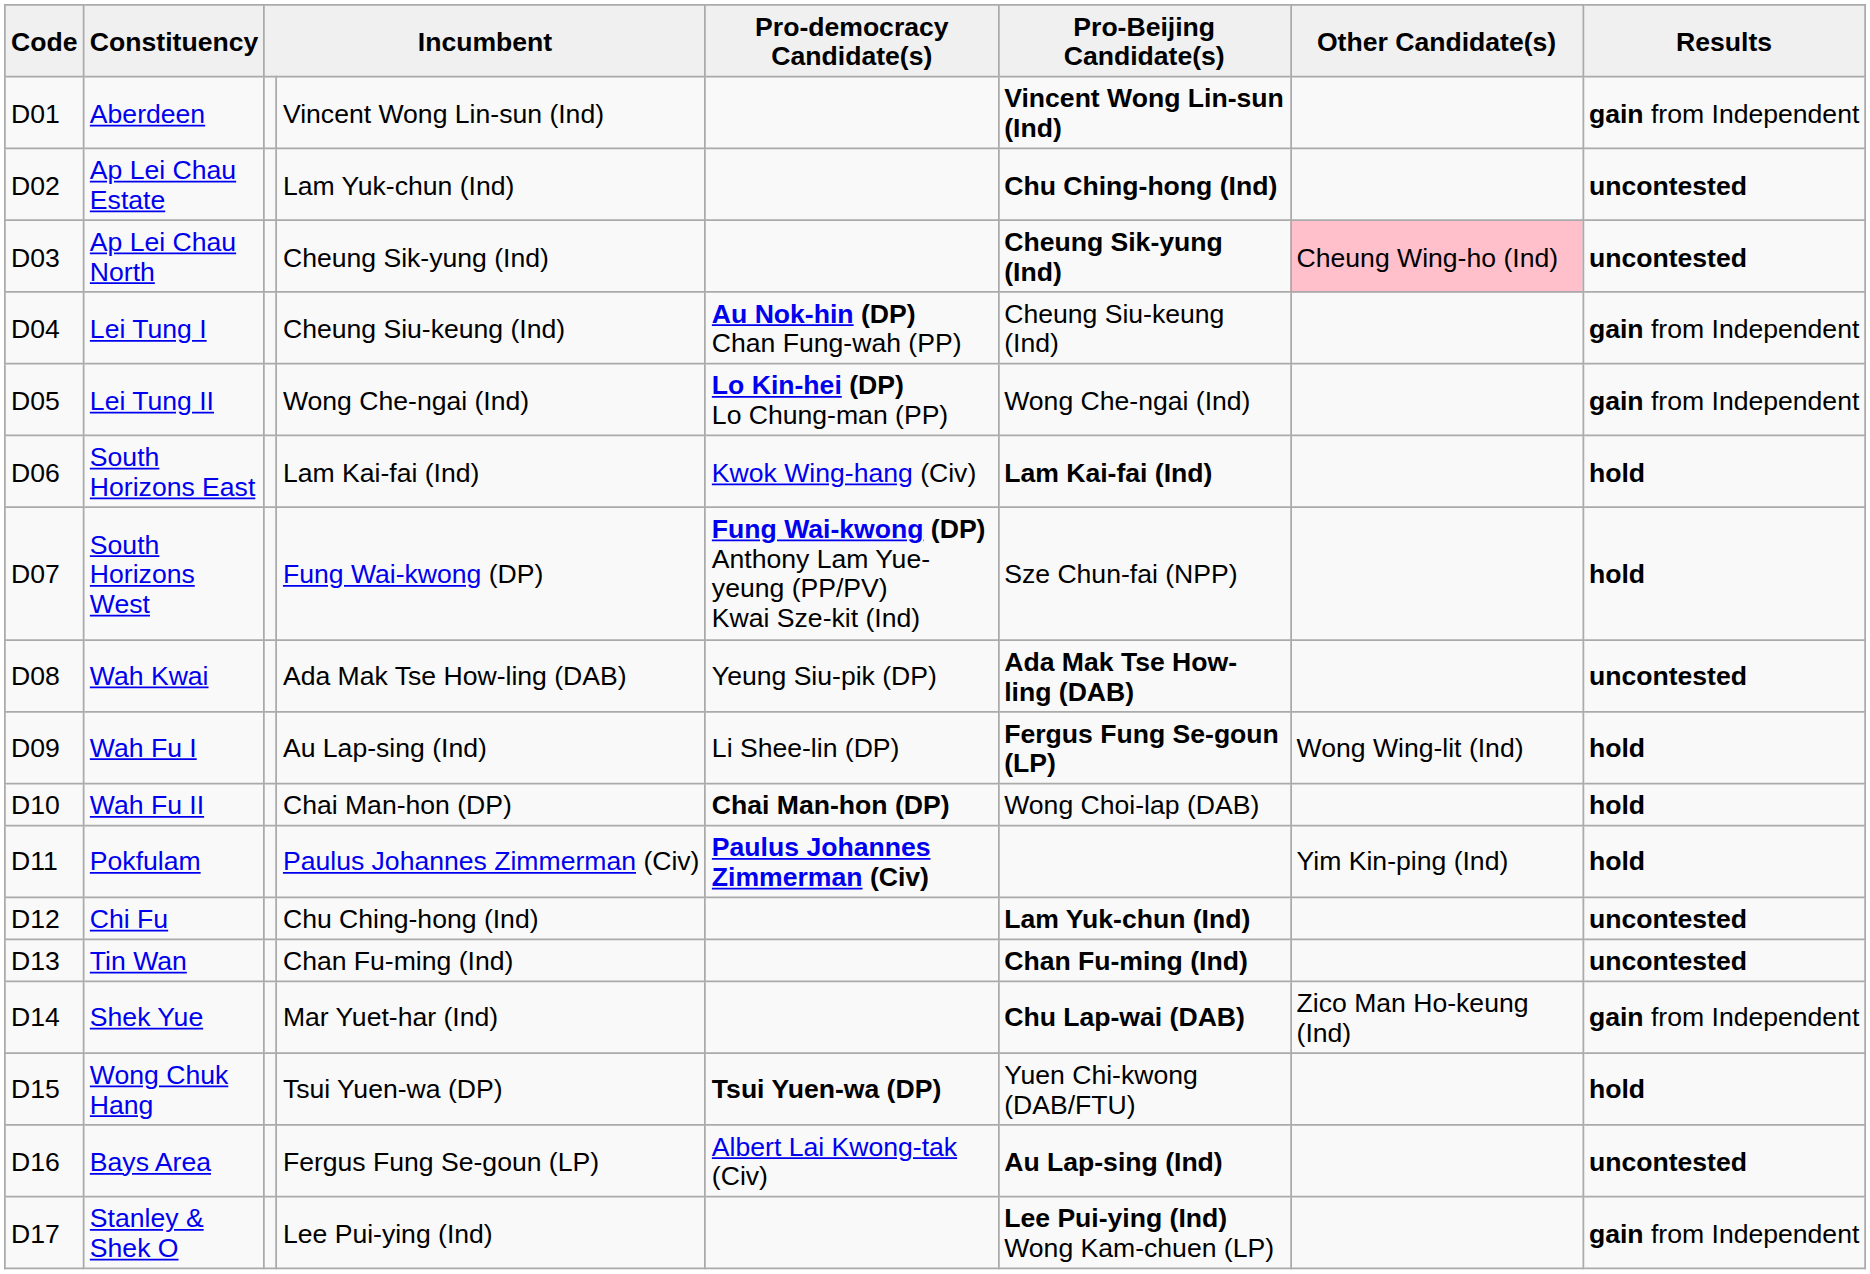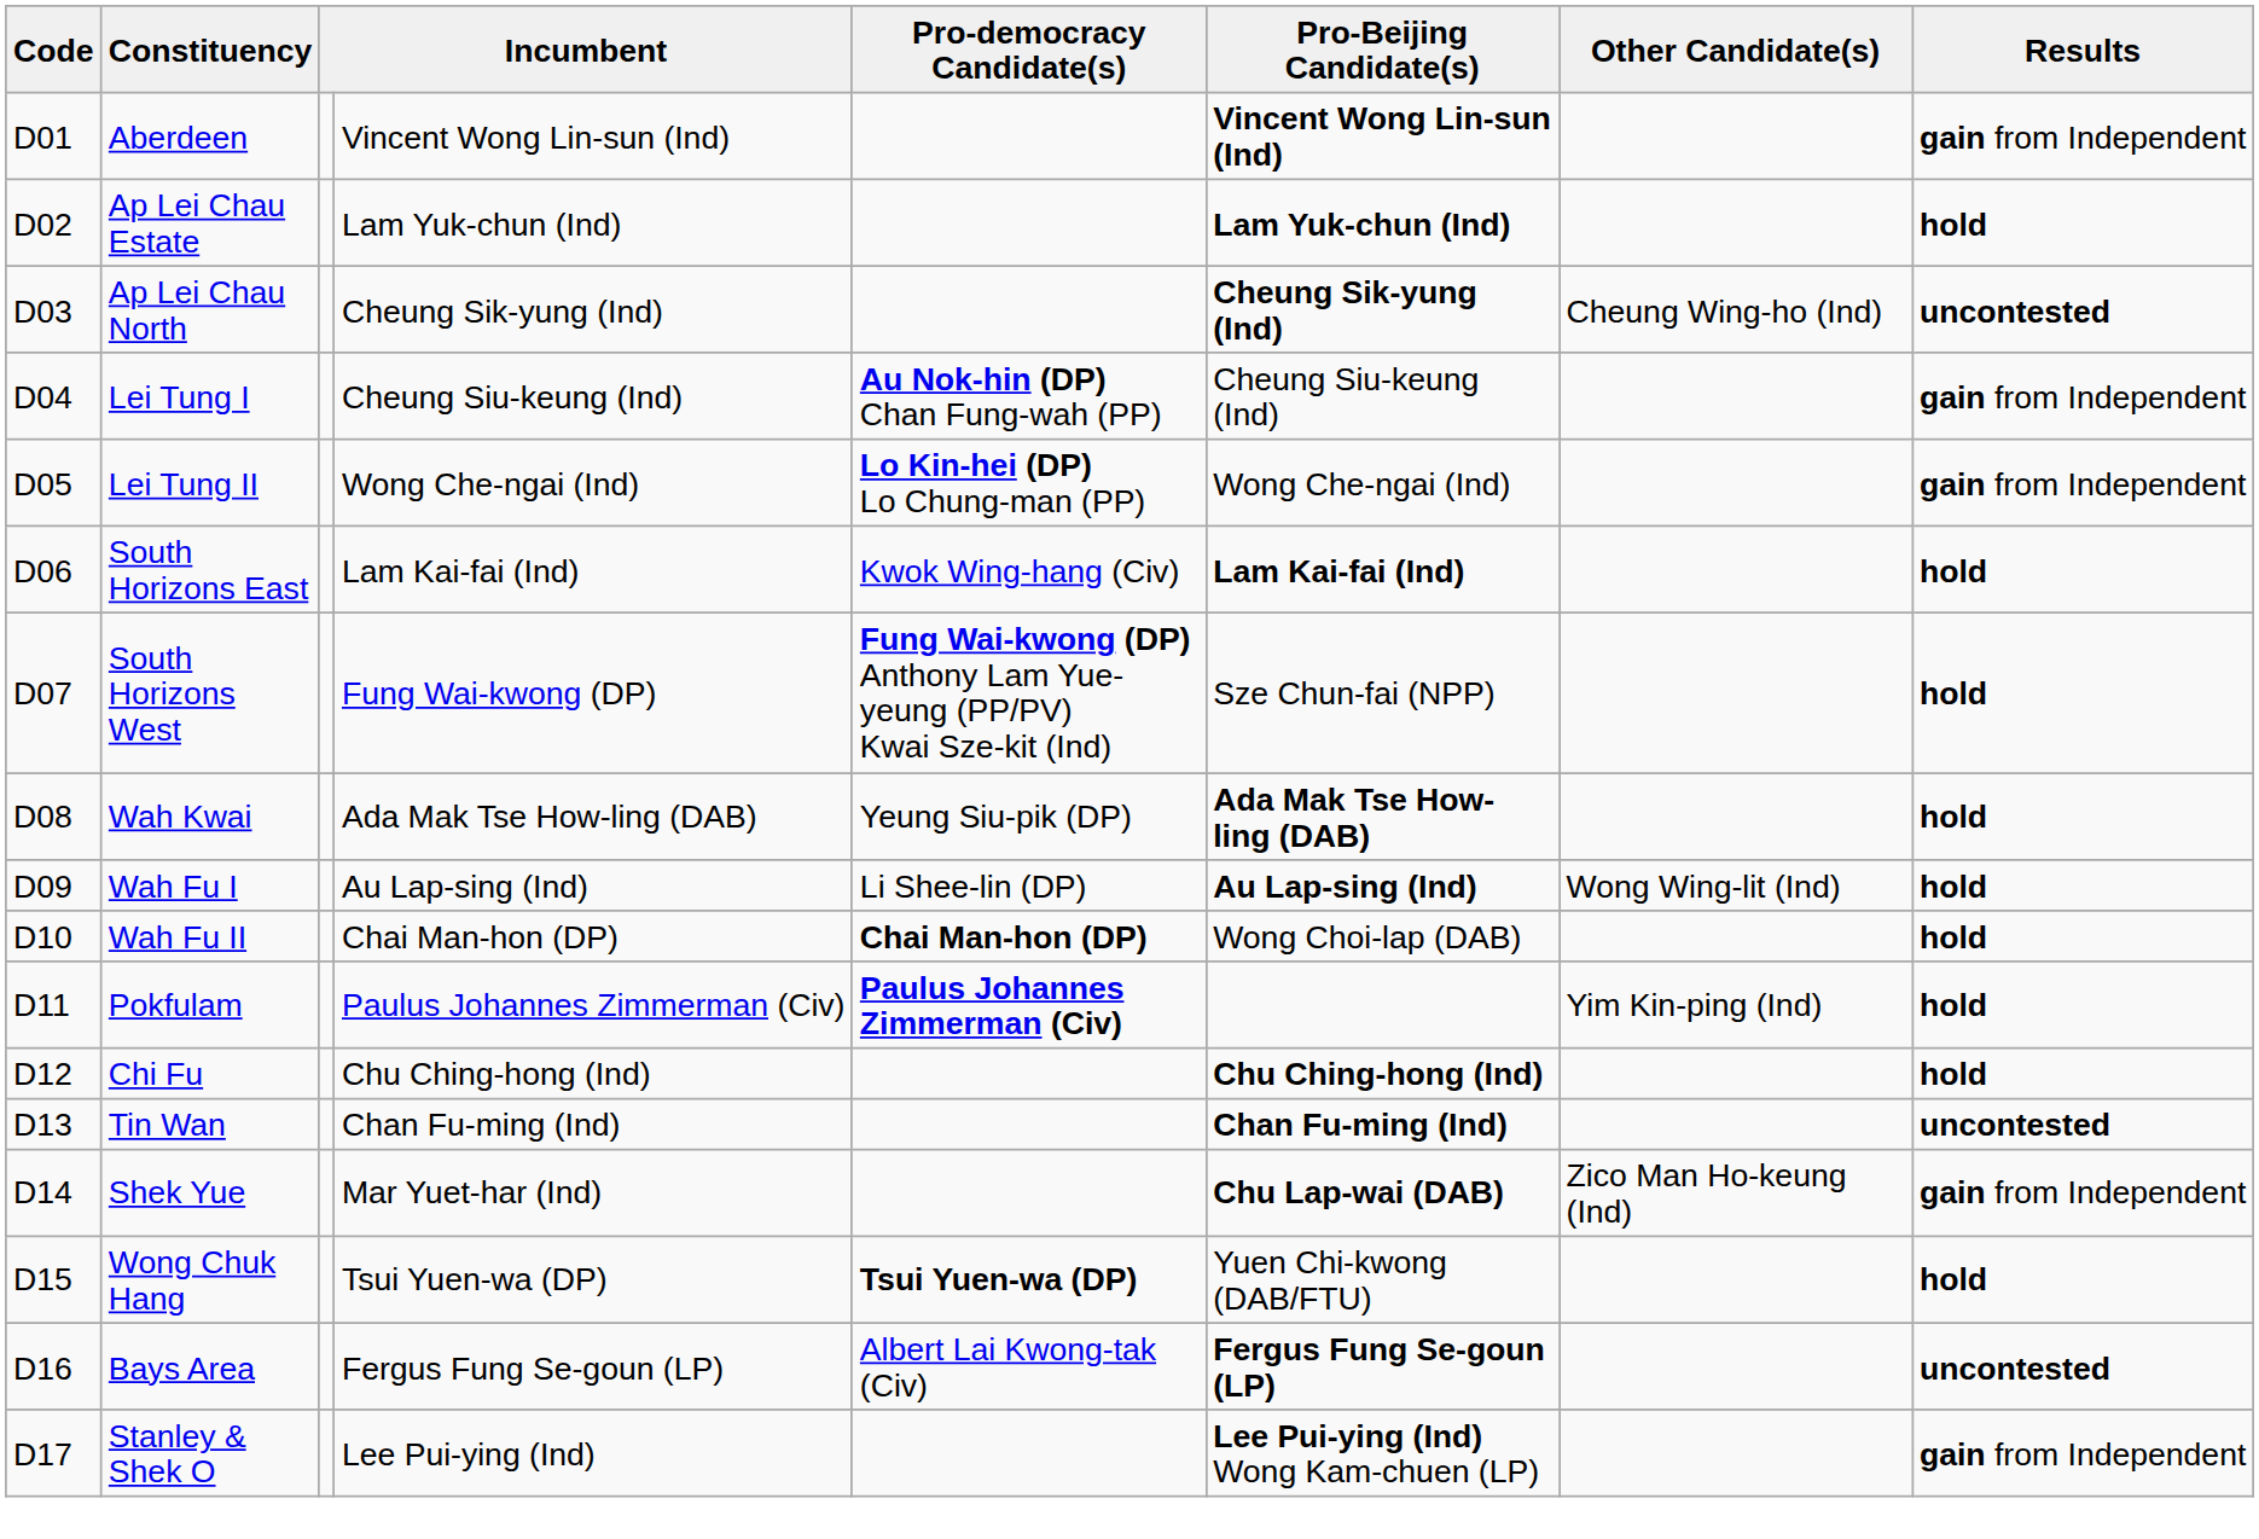 <table class="wikitable" style="font-size: 95%;">
 <tr>
 <th align="center" style="background:#f0f0f0;" width="20px">Code</th>
 <th align="center" style="background:#f0f0f0;" width="90px">Constituency</th>
 <th align="center" style="background:#f0f0f0;" width="120px" colspan=2>Incumbent</th>
 <th align="center" style="background:#f0f0f0;" width="160px">Pro-democracy Candidate(s)</th>
 <th align="center" style="background:#f0f0f0;" width="160px">Pro-Beijing Candidate(s)</th>
 <th align="center" style="background:#f0f0f0;" width="160px">Other Candidate(s)</th>
 <th align="center" style="background:#f0f0f0;" width="100px" colspan="2">Results</th>
 </tr>
 <tr>
 <td>D01</td>
 <td><a href='#'>Aberdeen</a></td>
 <td></td>
 <td>Vincent Wong Lin-sun (Ind)</td>
 <td></td>
 <td><strong>Vincent Wong Lin-sun (Ind)</strong></td>
 <td></td>
 <td> <strong>gain</strong> from Independent</td>
 </tr>
 <tr>
 <td>D02</td>
 <td><a href='#'>Ap Lei Chau Estate</a></td>
 <td></td>
 <td>Lam Yuk-chun (Ind)</td>
 <td></td>
-<td><strong>Chu Ching-hong (Ind)</strong></td>
+<td><strong>Lam Yuk-chun (Ind)</strong></td>
 <td></td>
-<td> <strong>uncontested</strong></td>
+<td> <strong>hold</strong></td>
 </tr>
 <tr>
 <td>D03</td>
 <td><a href='#'>Ap Lei Chau North</a></td>
 <td></td>
 <td>Cheung Sik-yung (Ind)</td>
 <td></td>
 <td><strong>Cheung Sik-yung (Ind)</strong></td>
-<td style="background: pink;">Cheung Wing-ho (Ind)</td>
+<td>Cheung Wing-ho (Ind)</td>
 <td> <strong>uncontested</strong></td>
 </tr>
 <tr>
 <td>D04</td>
 <td><a href='#'>Lei Tung I</a></td>
 <td></td>
 <td>Cheung Siu-keung (Ind)</td>
 <td><strong><a href='#'>Au Nok-hin</a> (DP)</strong><br>Chan Fung-wah (PP)</td>
 <td>Cheung Siu-keung (Ind)</td>
 <td></td>
 <td> <strong>gain</strong> from Independent</td>
 </tr>
 <tr>
 <td>D05</td>
 <td><a href='#'>Lei Tung II</a></td>
 <td></td>
 <td>Wong Che-ngai (Ind)</td>
 <td><strong><a href='#'>Lo Kin-hei</a> (DP)</strong><br>Lo Chung-man (PP)</td>
 <td>Wong Che-ngai (Ind)</td>
 <td></td>
 <td> <strong>gain</strong> from Independent</td>
 </tr>
 <tr>
 <td>D06</td>
 <td><a href='#'>South Horizons East</a></td>
 <td></td>
 <td>Lam Kai-fai (Ind)</td>
 <td><a href='#'>Kwok Wing-hang</a> (Civ)</td>
 <td><strong> Lam Kai-fai (Ind)</strong></td>
 <td></td>
 <td> <strong>hold</strong></td>
 </tr>
 <tr>
 <td>D07</td>
 <td><a href='#'>South Horizons West</a></td>
 <td></td>
 <td><a href='#'>Fung Wai-kwong</a> (DP)</td>
 <td><strong><a href='#'>Fung Wai-kwong</a> (DP)</strong><br>Anthony Lam Yue-yeung (PP/PV)<br>Kwai Sze-kit (Ind)</td>
 <td>Sze Chun-fai (NPP)</td>
 <td></td>
 <td> <strong>hold</strong></td>
 </tr>
 <tr>
 <td>D08</td>
 <td><a href='#'>Wah Kwai</a></td>
 <td></td>
 <td>Ada Mak Tse How-ling (DAB)</td>
 <td>Yeung Siu-pik (DP)</td>
 <td><strong>Ada Mak Tse How-ling (DAB)</strong></td>
 <td></td>
-<td> <strong>uncontested</strong></td>
+<td> <strong>hold</strong></td>
 </tr>
 <tr>
 <td>D09</td>
 <td><a href='#'>Wah Fu I</a></td>
 <td></td>
 <td>Au Lap-sing (Ind)</td>
 <td>Li Shee-lin (DP)</td>
-<td><strong>Fergus Fung Se-goun (LP)</strong></td>
+<td><strong>Au Lap-sing (Ind)</strong></td>
 <td>Wong Wing-lit (Ind)</td>
 <td> <strong>hold</strong></td>
 </tr>
 <tr>
 <td>D10</td>
 <td><a href='#'>Wah Fu II</a></td>
 <td></td>
 <td>Chai Man-hon (DP)</td>
 <td><strong>Chai Man-hon (DP)</strong></td>
 <td>Wong Choi-lap (DAB)</td>
 <td></td>
 <td> <strong>hold</strong></td>
 </tr>
 <tr>
 <td>D11</td>
 <td><a href='#'>Pokfulam</a></td>
 <td></td>
 <td><a href='#'>Paulus Johannes Zimmerman</a> (Civ)</td>
 <td><strong><a href='#'>Paulus Johannes Zimmerman</a> (Civ)</strong></td>
 <td></td>
 <td>Yim Kin-ping (Ind)</td>
 <td> <strong>hold</strong></td>
 </tr>
 <tr>
 <td>D12</td>
 <td><a href='#'>Chi Fu</a></td>
 <td></td>
 <td>Chu Ching-hong (Ind)</td>
 <td></td>
-<td><strong>Lam Yuk-chun (Ind)</strong></td>
+<td><strong>Chu Ching-hong (Ind)</strong></td>
 <td></td>
-<td> <strong>uncontested</strong></td>
+<td> <strong>hold</strong></td>
 </tr>
 <tr>
 <td>D13</td>
 <td><a href='#'>Tin Wan</a></td>
 <td></td>
 <td>Chan Fu-ming (Ind)</td>
 <td></td>
 <td><strong>Chan Fu-ming (Ind)</strong></td>
 <td></td>
 <td> <strong>uncontested</strong></td>
 </tr>
 <tr>
 <td>D14</td>
 <td><a href='#'>Shek Yue</a></td>
 <td></td>
 <td>Mar Yuet-har (Ind)</td>
 <td></td>
 <td><strong> Chu Lap-wai (DAB)</strong></td>
 <td>Zico Man Ho-keung (Ind)</td>
 <td> <strong>gain</strong> from Independent</td>
 </tr>
 <tr>
 <td>D15</td>
 <td><a href='#'>Wong Chuk Hang</a></td>
 <td></td>
 <td>Tsui Yuen-wa (DP)</td>
 <td><strong>Tsui Yuen-wa (DP)</strong></td>
 <td>Yuen Chi-kwong (DAB/FTU)</td>
 <td></td>
 <td> <strong>hold</strong></td>
 </tr>
 <tr>
 <td>D16</td>
 <td><a href='#'>Bays Area</a></td>
 <td></td>
 <td>Fergus Fung Se-goun (LP)</td>
 <td><a href='#'>Albert Lai Kwong-tak</a> (Civ)</td>
-<td><strong>Au Lap-sing (Ind)</strong></td>
+<td><strong>Fergus Fung Se-goun (LP)</strong></td>
 <td></td>
 <td> <strong>uncontested</strong></td>
 </tr>
 <tr>
 <td>D17</td>
 <td><a href='#'>Stanley & Shek O</a></td>
 <td></td>
 <td>Lee Pui-ying (Ind)</td>
 <td></td>
 <td><strong>Lee Pui-ying (Ind)</strong><br>Wong Kam-chuen (LP)</td>
 <td></td>
 <td> <strong>gain</strong> from Independent</td>
 </tr>
 </table>
